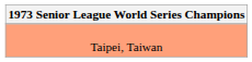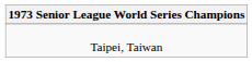 <table class="wikitable" style="text-align: center; margin: 0 auto;">
 <tr>
 <th>1973 Senior League World Series Champions</th>
 </tr>
 <tr>
 </tr>
 <tr>
-<td style="background: lightsalmon;"><br>Taipei, Taiwan</td>
+<td><br>Taipei, Taiwan</td>
 </tr>
 </table>
